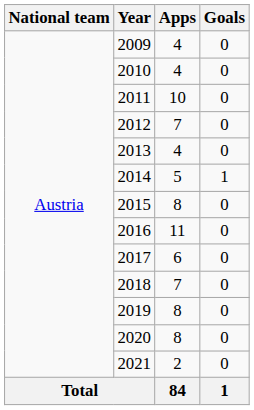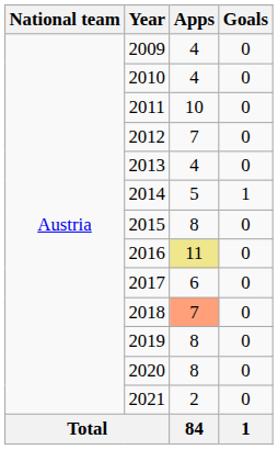 <table class="wikitable" style="text-align: center;">
 <tr>
 <th>National team</th>
 <th>Year</th>
 <th>Apps</th>
 <th>Goals</th>
 </tr>
 <tr>
 <td rowspan="13" valign="center"><a href='#'>Austria</a></td>
 <td>2009</td>
 <td>4</td>
 <td>0</td>
 </tr>
 <tr>
 <td>2010</td>
 <td>4</td>
 <td>0</td>
 </tr>
 <tr>
 <td>2011</td>
 <td>10</td>
 <td>0</td>
 </tr>
 <tr>
 <td>2012</td>
 <td>7</td>
 <td>0</td>
 </tr>
 <tr>
 <td>2013</td>
 <td>4</td>
 <td>0</td>
 </tr>
 <tr>
 <td>2014</td>
 <td>5</td>
 <td>1</td>
 </tr>
 <tr>
 <td>2015</td>
 <td>8</td>
 <td>0</td>
 </tr>
 <tr>
 <td>2016</td>
-<td>11</td>
+<td style="background: khaki;">11</td>
 <td>0</td>
 </tr>
 <tr>
 <td>2017</td>
 <td>6</td>
 <td>0</td>
 </tr>
 <tr>
 <td>2018</td>
-<td>7</td>
+<td style="background: lightsalmon;">7</td>
 <td>0</td>
 </tr>
 <tr>
 <td>2019</td>
 <td>8</td>
 <td>0</td>
 </tr>
 <tr>
 <td>2020</td>
 <td>8</td>
 <td>0</td>
 </tr>
 <tr>
 <td>2021</td>
 <td>2</td>
 <td>0</td>
 </tr>
 <tr>
 <th colspan="2">Total</th>
 <th>84</th>
 <th>1</th>
 </tr>
 </table>
